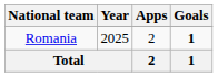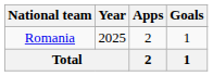 <table class="wikitable" style="text-align:center">
 <tr>
 <th>National team</th>
 <th>Year</th>
 <th>Apps</th>
 <th>Goals</th>
 </tr>
 <tr>
 <td rowspan="2"><a href='#'>Romania</a></td>
 </tr>
 <tr>
 <td>2025</td>
 <td>2</td>
-<td><strong>1</strong></td>
+<td>1</td>
 </tr>
 <tr>
 <th colspan=2>Total</th>
 <th>2</th>
 <th>1</th>
 </tr>
 </table>
